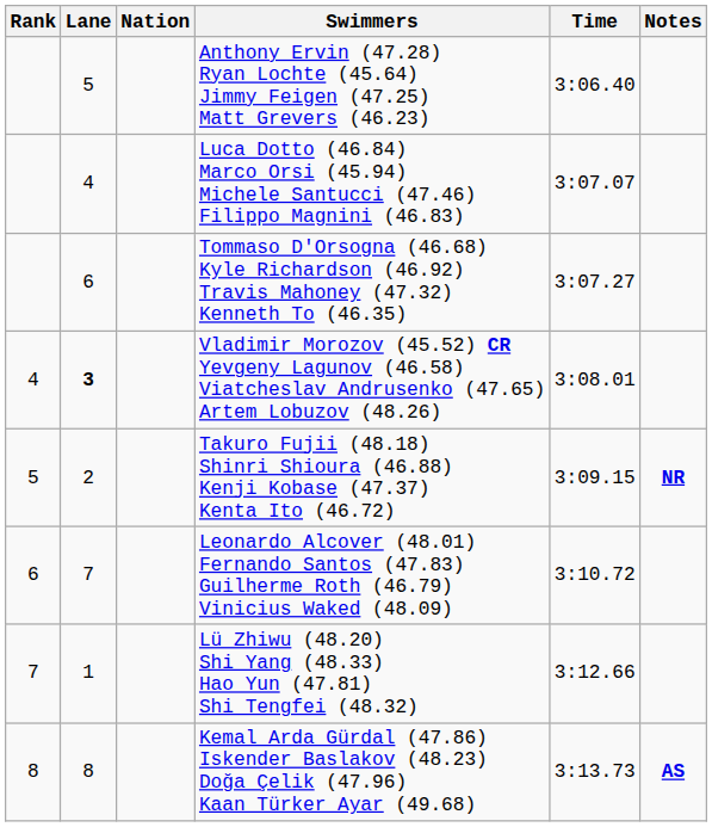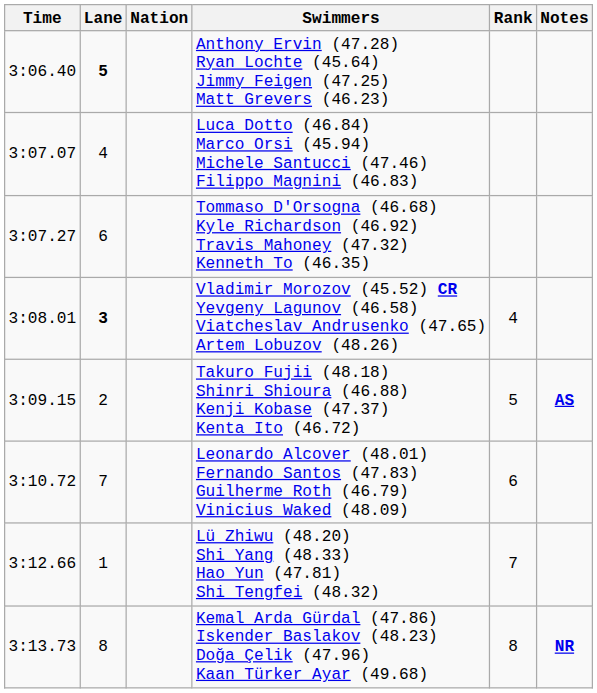 <table class="wikitable sortable" style="text-align:center">
 <tr>
-<th>Rank</th>
+<th>Time</th>
 <th>Lane</th>
 <th>Nation</th>
 <th>Swimmers</th>
-<th>Time</th>
+<th>Rank</th>
 <th>Notes</th>
 </tr>
 <tr>
-<td></td>
-<td>5</td>
+<td>3:06.40</td>
+<td><strong>5</strong></td>
 <td align=left></td>
 <td align=left><a href='#'>Anthony Ervin</a> (47.28)<br><a href='#'>Ryan Lochte</a> (45.64)<br><a href='#'>Jimmy Feigen</a> (47.25)<br><a href='#'>Matt Grevers</a> (46.23)</td>
-<td>3:06.40</td>
+<td></td>
 <td></td>
 </tr>
 <tr>
-<td></td>
+<td>3:07.07</td>
 <td>4</td>
 <td align=left></td>
 <td align=left><a href='#'>Luca Dotto</a> (46.84)<br><a href='#'>Marco Orsi</a> (45.94)<br><a href='#'>Michele Santucci</a> (47.46)<br><a href='#'>Filippo Magnini</a> (46.83)</td>
-<td>3:07.07</td>
+<td></td>
 <td></td>
 </tr>
 <tr>
-<td></td>
+<td>3:07.27</td>
 <td>6</td>
 <td align=left></td>
 <td align=left><a href='#'>Tommaso D'Orsogna</a> (46.68)<br><a href='#'>Kyle Richardson</a> (46.92)<br><a href='#'>Travis Mahoney</a> (47.32)<br><a href='#'>Kenneth To</a> (46.35)</td>
-<td>3:07.27</td>
+<td></td>
 <td></td>
 </tr>
 <tr>
-<td>4</td>
+<td>3:08.01</td>
 <td><strong>3</strong></td>
 <td align=left></td>
 <td align=left><a href='#'>Vladimir Morozov</a> (45.52) <strong><a href='#'>CR</a></strong><br><a href='#'>Yevgeny Lagunov</a> (46.58)<br><a href='#'>Viatcheslav Andrusenko</a> (47.65)<br><a href='#'>Artem Lobuzov</a> (48.26)</td>
-<td>3:08.01</td>
+<td>4</td>
 <td></td>
 </tr>
 <tr>
-<td>5</td>
+<td>3:09.15</td>
 <td>2</td>
 <td align=left></td>
 <td align=left><a href='#'>Takuro Fujii</a> (48.18)<br><a href='#'>Shinri Shioura</a> (46.88)<br><a href='#'>Kenji Kobase</a> (47.37)<br><a href='#'>Kenta Ito</a> (46.72)</td>
-<td>3:09.15</td>
-<td><strong><a href='#'>NR</a></strong></td>
+<td>5</td>
+<td><strong><a href='#'>AS</a></strong></td>
 </tr>
 <tr>
-<td>6</td>
+<td>3:10.72</td>
 <td>7</td>
 <td align=left></td>
 <td align=left><a href='#'>Leonardo Alcover</a> (48.01)<br><a href='#'>Fernando Santos</a> (47.83)<br><a href='#'>Guilherme Roth</a> (46.79)<br><a href='#'>Vinicius Waked</a> (48.09)</td>
-<td>3:10.72</td>
+<td>6</td>
 <td></td>
 </tr>
 <tr>
-<td>7</td>
+<td>3:12.66</td>
 <td>1</td>
 <td align=left></td>
 <td align=left><a href='#'>Lü Zhiwu</a> (48.20)<br><a href='#'>Shi Yang</a> (48.33)<br><a href='#'>Hao Yun</a> (47.81)<br><a href='#'>Shi Tengfei</a> (48.32)</td>
-<td>3:12.66</td>
+<td>7</td>
 <td></td>
 </tr>
 <tr>
-<td>8</td>
+<td>3:13.73</td>
 <td>8</td>
 <td align=left></td>
 <td align=left><a href='#'>Kemal Arda Gürdal</a> (47.86)<br><a href='#'>Iskender Baslakov</a> (48.23)<br><a href='#'>Doğa Çelik</a> (47.96)<br><a href='#'>Kaan Türker Ayar</a> (49.68)</td>
-<td>3:13.73</td>
-<td><strong><a href='#'>AS</a></strong></td>
+<td>8</td>
+<td><strong><a href='#'>NR</a></strong></td>
 </tr>
 </table>
